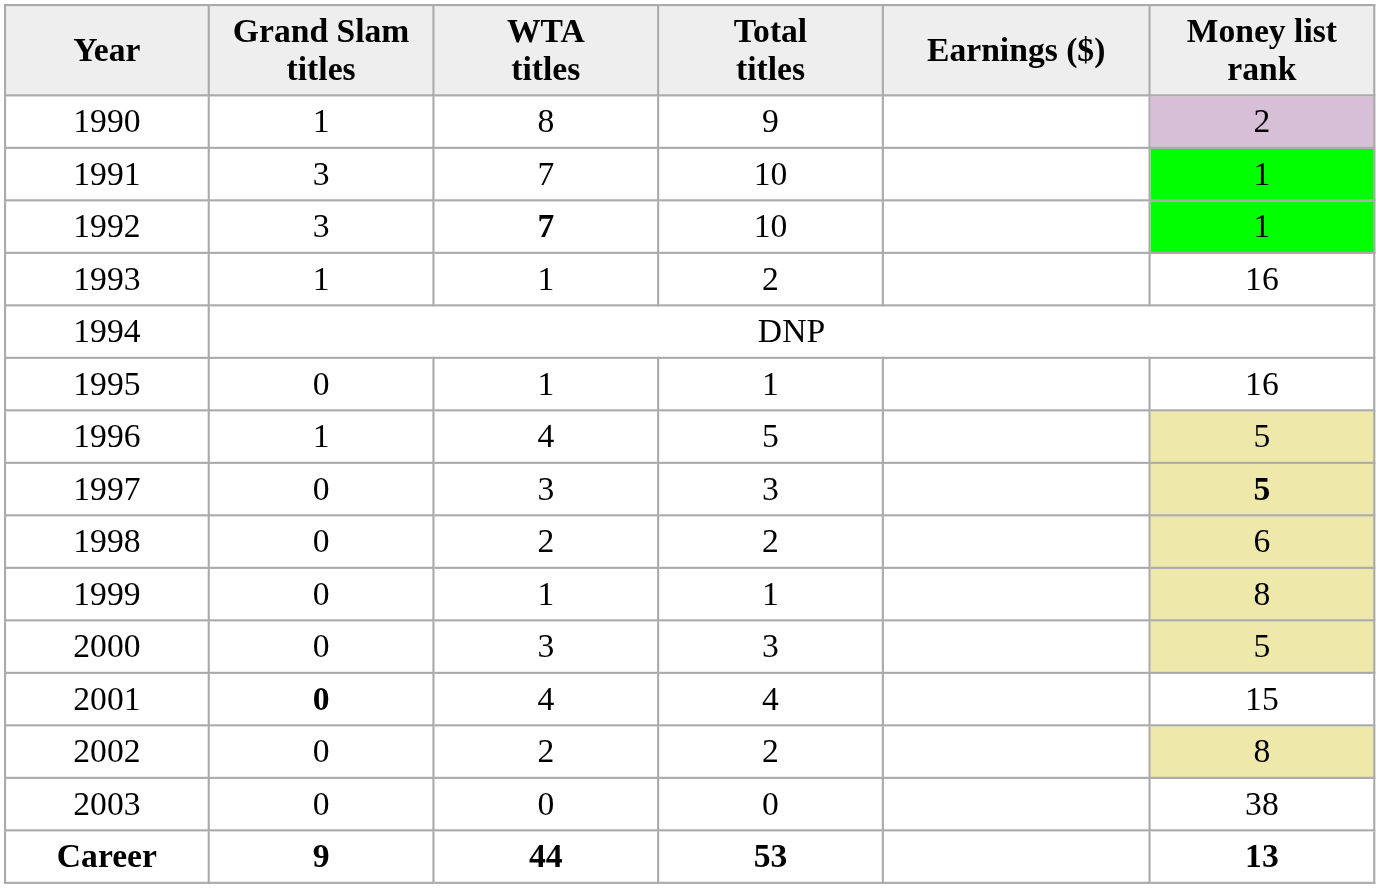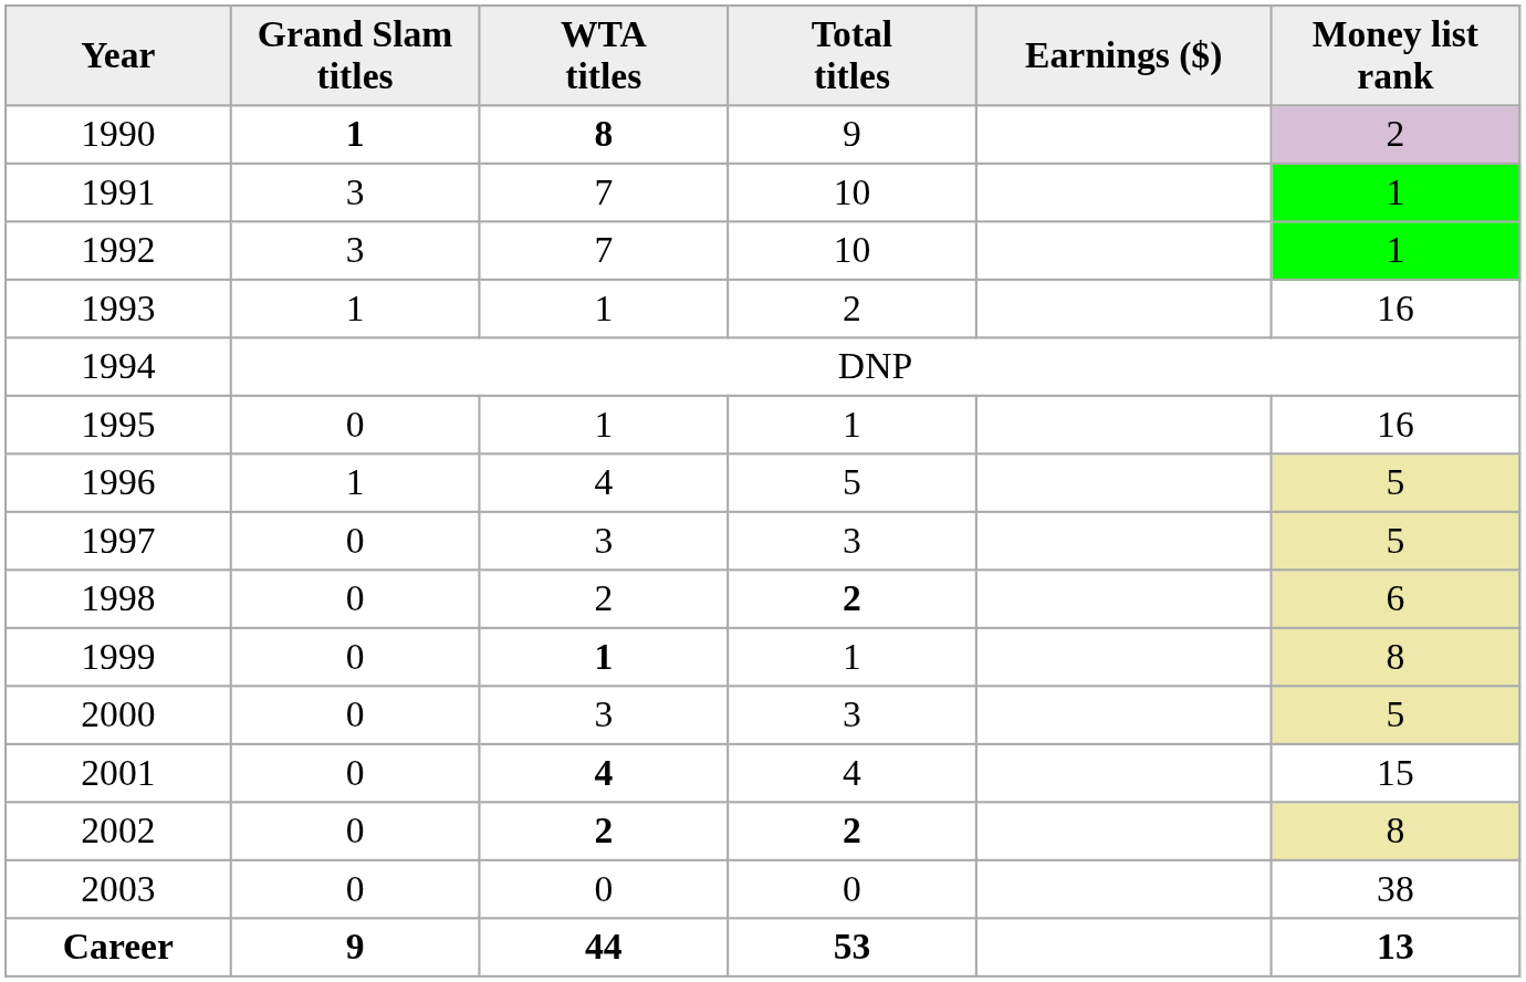 <table cellpadding=3 cellspacing=0 border=1 style=border:#aaa;solid:1px;border-collapse:collapse;text-align:center;>
 <tr style=background:#eee;font-weight:bold>
 <td width="90">Year</td>
 <td width="100">Grand Slam <br>titles</td>
 <td width="100">WTA <br>titles</td>
 <td width="100">Total <br>titles</td>
 <td width="120">Earnings ($)</td>
 <td width="100">Money list rank</td>
 </tr>
 <tr>
 <td>1990</td>
-<td>1</td>
-<td>8</td>
+<td><strong>1</strong></td>
+<td><strong>8</strong></td>
 <td>9</td>
 <td align=right></td>
 <td bgcolor=thistle>2</td>
 </tr>
 <tr>
 <td>1991</td>
 <td>3</td>
 <td>7</td>
 <td>10</td>
 <td align=right></td>
 <td bgcolor=lime>1</td>
 </tr>
 <tr>
 <td>1992</td>
 <td>3</td>
-<td><strong>7</strong></td>
+<td>7</td>
 <td>10</td>
 <td align=right></td>
 <td bgcolor=lime>1</td>
 </tr>
 <tr>
 <td>1993</td>
 <td>1</td>
 <td>1</td>
 <td>2</td>
 <td align=right></td>
 <td>16</td>
 </tr>
 <tr>
 <td>1994</td>
 <td colspan=5>DNP</td>
 </tr>
 <tr>
 <td>1995</td>
 <td>0</td>
 <td>1</td>
 <td>1</td>
 <td align=right></td>
 <td>16</td>
 </tr>
 <tr>
 <td>1996</td>
 <td>1</td>
 <td>4</td>
 <td>5</td>
 <td align=right></td>
 <td bgcolor=eee8aa>5</td>
 </tr>
 <tr>
 <td>1997</td>
 <td>0</td>
 <td>3</td>
 <td>3</td>
 <td align=right></td>
-<td bgcolor=eee8aa><strong>5</strong></td>
+<td bgcolor=eee8aa>5</td>
 </tr>
 <tr>
 <td>1998</td>
 <td>0</td>
 <td>2</td>
-<td>2</td>
+<td><strong>2</strong></td>
 <td align=right></td>
 <td bgcolor=eee8aa>6</td>
 </tr>
 <tr>
 <td>1999</td>
 <td>0</td>
-<td>1</td>
+<td><strong>1</strong></td>
 <td>1</td>
 <td align=right></td>
 <td bgcolor=eee8aa>8</td>
 </tr>
 <tr>
 <td>2000</td>
 <td>0</td>
 <td>3</td>
 <td>3</td>
 <td align=right></td>
 <td bgcolor=eee8aa>5</td>
 </tr>
 <tr>
 <td>2001</td>
-<td><strong>0</strong></td>
-<td>4</td>
+<td>0</td>
+<td><strong>4</strong></td>
 <td>4</td>
 <td align=right></td>
 <td>15</td>
 </tr>
 <tr>
 <td>2002</td>
 <td>0</td>
-<td>2</td>
-<td>2</td>
+<td><strong>2</strong></td>
+<td><strong>2</strong></td>
 <td align=right></td>
 <td bgcolor=eee8aa>8</td>
 </tr>
 <tr>
 <td>2003</td>
 <td>0</td>
 <td>0</td>
 <td>0</td>
 <td align=right></td>
 <td>38</td>
 </tr>
 <tr>
 <th>Career</th>
 <th>9</th>
 <th>44</th>
 <th>53</th>
 <th></th>
 <th>13</th>
 </tr>
 </table>
